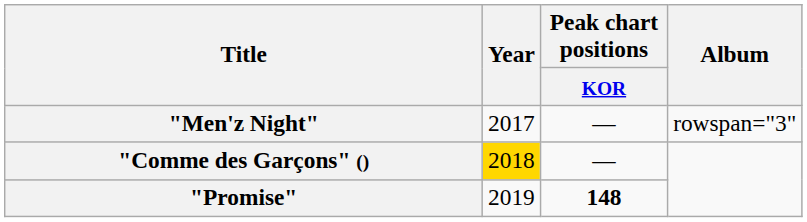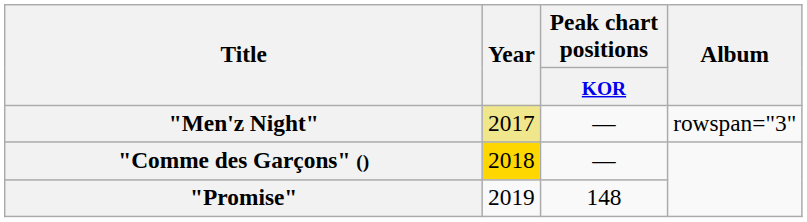 <table class="wikitable plainrowheaders" style="text-align:center;" border="1">
 <tr>
 <th scope="col" rowspan="2" style="width:20em;">Title</th>
 <th scope="col" rowspan="2">Year</th>
 <th scope="col" colspan="1" style="width:5em;">Peak chart positions</th>
 <th scope="col" rowspan="2">Album</th>
 </tr>
 <tr>
 <th><small><a href='#'>KOR</a></small><br></th>
 </tr>
 <tr>
 <th scope="row">"Men'z Night"</th>
-<td>2017</td>
+<td style="background: khaki;">2017</td>
 <td>—</td>
 <td>rowspan="3" </td>
 </tr>
 <tr>
 <th scope="row">"Comme des Garçons" <small>()</small></th>
 <td style="background: gold;">2018</td>
 <td>—</td>
 </tr>
 <tr>
 <th scope="row">"Promise"<br></th>
 <td>2019</td>
-<td><strong>148</strong></td>
+<td>148</td>
 </tr>
 </table>
